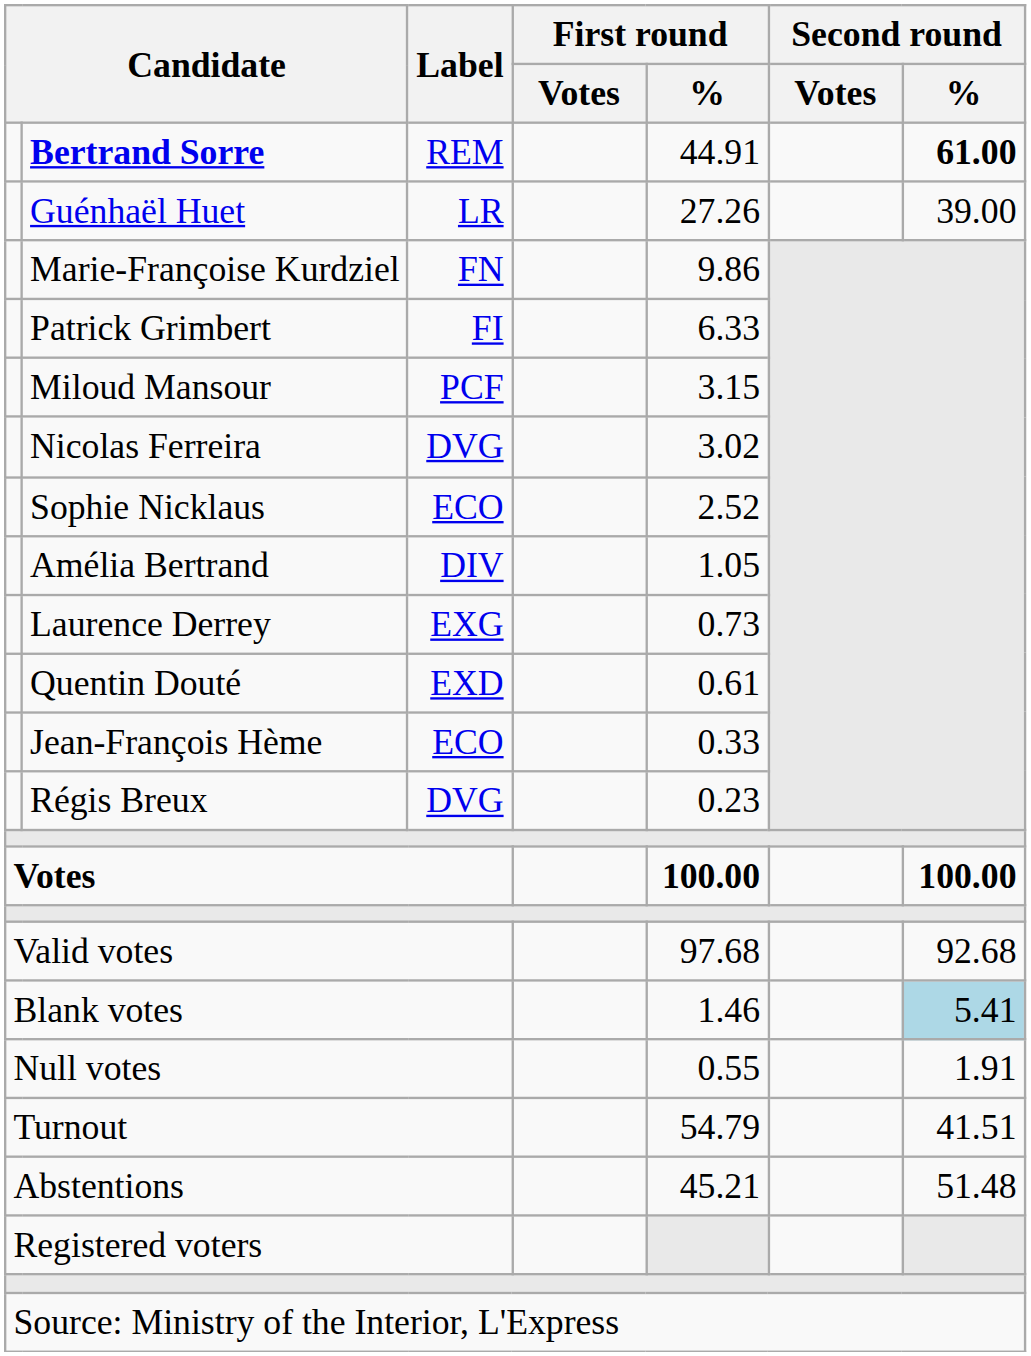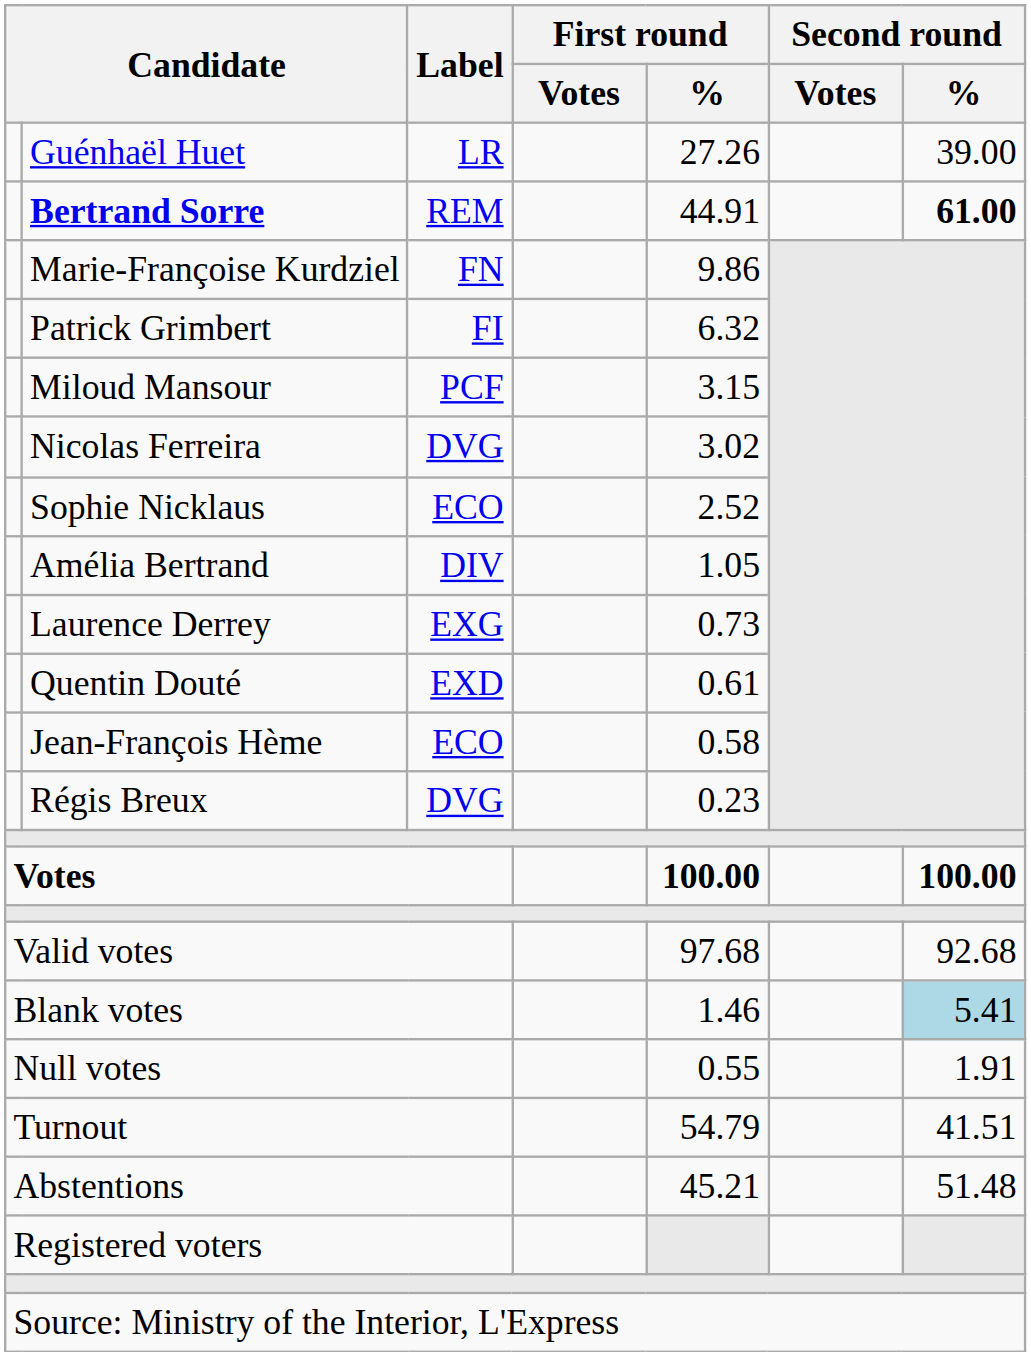 <table class="wikitable" style="text-align:right;font-size:95%;">
 <tr>
 <th rowspan="2" colspan="2">Candidate</th>
 <th rowspan="2">Label</th>
 <th colspan="2">First round</th>
 <th colspan="2">Second round</th>
 </tr>
 <tr>
 <th style="width:50px;">Votes</th>
 <th style="width:45px;">%</th>
 <th style="width:50px;">Votes</th>
 <th style="width:45px;">%</th>
 </tr>
 <tr>
 <td style="color:inherit;background:"></td>
+<td style="text-align:left;"><a href='#'>Guénhaël Huet</a></td>
+<td><a href='#'>LR</a></td>
+<td></td>
+<td>27.26</td>
+<td></td>
+<td>39.00</td>
+</tr>
+<tr>
+<td style="color:inherit;background:"></td>
 <td style="text-align:left;"><strong><a href='#'>Bertrand Sorre</a></strong></td>
 <td><a href='#'>REM</a></td>
 <td></td>
 <td>44.91</td>
 <td><strong></strong></td>
 <td><strong>61.00</strong></td>
-</tr>
-<tr>
-<td style="color:inherit;background:"></td>
-<td style="text-align:left;"><a href='#'>Guénhaël Huet</a></td>
-<td><a href='#'>LR</a></td>
-<td></td>
-<td>27.26</td>
-<td></td>
-<td>39.00</td>
 </tr>
 <tr>
 <td style="color:inherit;background:"></td>
 <td style="text-align:left;">Marie-Françoise Kurdziel</td>
 <td><a href='#'>FN</a></td>
 <td></td>
 <td>9.86</td>
 <td colspan="2" rowspan="10" style="background:#E9E9E9;"></td>
 </tr>
 <tr>
 <td style="color:inherit;background:"></td>
 <td style="text-align:left;">Patrick Grimbert</td>
 <td><a href='#'>FI</a></td>
 <td></td>
-<td>6.33</td>
+<td>6.32</td>
 </tr>
 <tr>
 <td style="color:inherit;background:"></td>
 <td style="text-align:left;">Miloud Mansour</td>
 <td><a href='#'>PCF</a></td>
 <td></td>
 <td>3.15</td>
 </tr>
 <tr>
 <td style="color:inherit;background:"></td>
 <td style="text-align:left;">Nicolas Ferreira</td>
 <td><a href='#'>DVG</a></td>
 <td></td>
 <td>3.02</td>
 </tr>
 <tr>
 <td style="color:inherit;background:"></td>
 <td style="text-align:left;">Sophie Nicklaus</td>
 <td><a href='#'>ECO</a></td>
 <td></td>
 <td>2.52</td>
 </tr>
 <tr>
 <td style="color:inherit;background:"></td>
 <td style="text-align:left;">Amélia Bertrand</td>
 <td><a href='#'>DIV</a></td>
 <td></td>
 <td>1.05</td>
 </tr>
 <tr>
 <td style="color:inherit;background:"></td>
 <td style="text-align:left;">Laurence Derrey</td>
 <td><a href='#'>EXG</a></td>
 <td></td>
 <td>0.73</td>
 </tr>
 <tr>
 <td style="color:inherit;background:"></td>
 <td style="text-align:left;">Quentin Douté</td>
 <td><a href='#'>EXD</a></td>
 <td></td>
 <td>0.61</td>
 </tr>
 <tr>
 <td style="color:inherit;background:"></td>
 <td style="text-align:left;">Jean-François Hème</td>
 <td><a href='#'>ECO</a></td>
 <td></td>
-<td>0.33</td>
+<td>0.58</td>
 </tr>
 <tr>
 <td style="color:inherit;background:"></td>
 <td style="text-align:left;">Régis Breux</td>
 <td><a href='#'>DVG</a></td>
 <td></td>
 <td>0.23</td>
 </tr>
 <tr>
 <td colspan="7" style="background:#E9E9E9;"></td>
 </tr>
 <tr style="font-weight:bold;">
 <td colspan="3" style="text-align:left;">Votes</td>
 <td></td>
 <td>100.00</td>
 <td></td>
 <td>100.00</td>
 </tr>
 <tr>
 <td colspan="7" style="background:#E9E9E9;"></td>
 </tr>
 <tr>
 <td colspan="3" style="text-align:left;">Valid votes</td>
 <td></td>
 <td>97.68</td>
 <td></td>
 <td>92.68</td>
 </tr>
 <tr>
 <td colspan="3" style="text-align:left;">Blank votes</td>
 <td></td>
 <td>1.46</td>
 <td></td>
 <td style="background: lightblue;">5.41</td>
 </tr>
 <tr>
 <td colspan="3" style="text-align:left;">Null votes</td>
 <td></td>
 <td>0.55</td>
 <td></td>
 <td>1.91</td>
 </tr>
 <tr>
 <td colspan="3" style="text-align:left;">Turnout</td>
 <td></td>
 <td>54.79</td>
 <td></td>
 <td>41.51</td>
 </tr>
 <tr>
 <td colspan="3" style="text-align:left;">Abstentions</td>
 <td></td>
 <td>45.21</td>
 <td></td>
 <td>51.48</td>
 </tr>
 <tr>
 <td colspan="3" style="text-align:left;">Registered voters</td>
 <td></td>
 <td style="background:#E9E9E9;"></td>
 <td></td>
 <td style="background:#E9E9E9;"></td>
 </tr>
 <tr>
 <td colspan="7" style="background:#E9E9E9;"></td>
 </tr>
 <tr>
 <td colspan="7" style="text-align:left;">Source: Ministry of the Interior, L'Express</td>
 </tr>
 </table>
